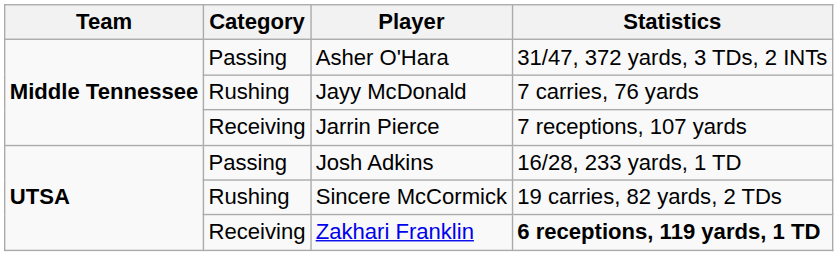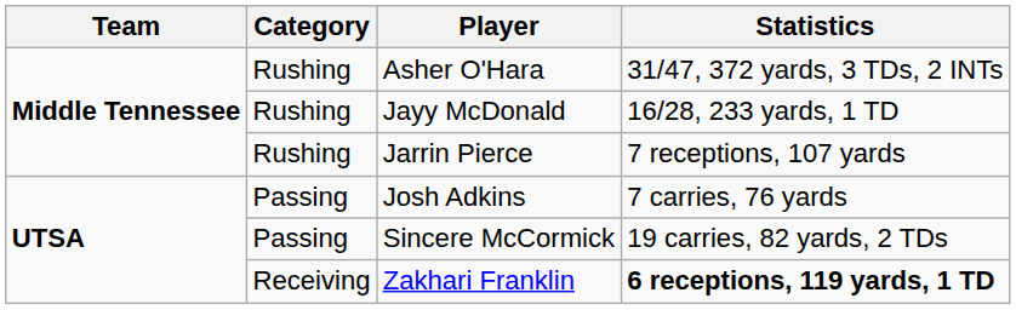 <table class="wikitable" style="float: left;">
 <tr>
 <th>Team</th>
 <th>Category</th>
 <th>Player</th>
 <th>Statistics</th>
 </tr>
 <tr>
 <td rowspan=3><strong>Middle Tennessee</strong></td>
-<td>Passing</td>
+<td>Rushing</td>
 <td>Asher O'Hara</td>
 <td>31/47, 372 yards, 3 TDs, 2 INTs</td>
 </tr>
 <tr>
 <td>Rushing</td>
 <td>Jayy McDonald</td>
-<td>7 carries, 76 yards</td>
+<td>16/28, 233 yards, 1 TD</td>
 </tr>
 <tr>
-<td>Receiving</td>
+<td>Rushing</td>
 <td>Jarrin Pierce</td>
 <td>7 receptions, 107 yards</td>
 </tr>
 <tr>
 <td rowspan=3><strong>UTSA</strong></td>
 <td>Passing</td>
 <td>Josh Adkins</td>
-<td>16/28, 233 yards, 1 TD</td>
+<td>7 carries, 76 yards</td>
 </tr>
 <tr>
-<td>Rushing</td>
+<td>Passing</td>
 <td>Sincere McCormick</td>
 <td>19 carries, 82 yards, 2 TDs</td>
 </tr>
 <tr>
 <td>Receiving</td>
 <td><a href='#'>Zakhari Franklin</a></td>
 <td><strong>6 receptions, 119 yards, 1 TD</strong></td>
 </tr>
 </table>
